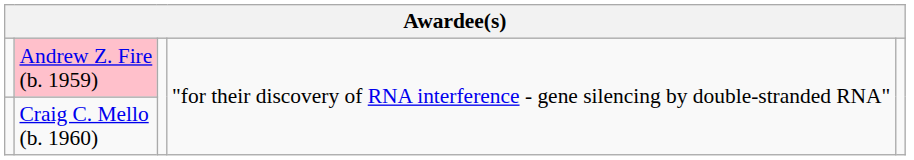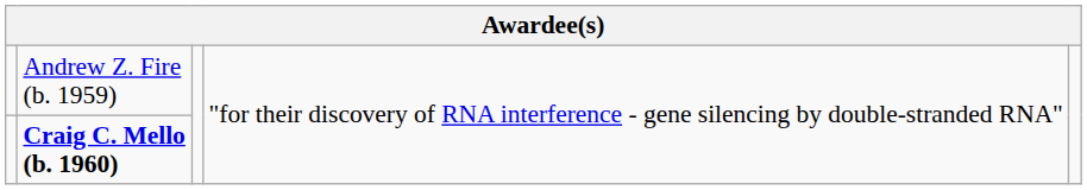 <table class="wikitable">
 <tr>
 <th colspan="5">Awardee(s)</th>
 </tr>
 <tr>
 <td></td>
-<td style="background: pink;"><a href='#'>Andrew Z. Fire</a><br>(b. 1959)</td>
+<td><a href='#'>Andrew Z. Fire</a><br>(b. 1959)</td>
 <td rowspan="2"></td>
 <td rowspan="2">"for their discovery of <a href='#'>RNA interference</a> - gene silencing by double-stranded RNA"</td>
 <td rowspan="2"></td>
 </tr>
 <tr>
 <td></td>
-<td><a href='#'>Craig C. Mello</a><br>(b. 1960)</td>
+<td><strong><a href='#'>Craig C. Mello</a><br>(b. 1960)</strong></td>
 </tr>
 </table>
